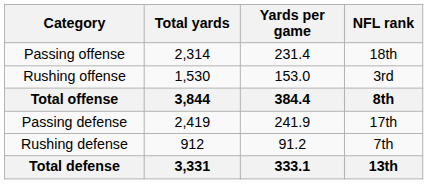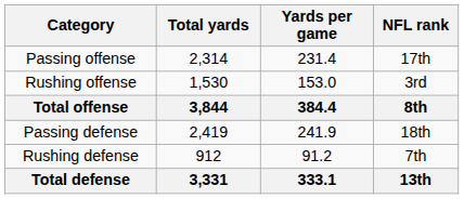 <table class="wikitable" style="text-align:center">
 <tr>
 <th width="150">Category</th>
 <th width="100">Total yards</th>
 <th width="110">Yards per game</th>
 <th width="80">NFL rank<br></th>
 </tr>
 <tr>
 <td>Passing offense</td>
 <td>2,314</td>
 <td>231.4</td>
-<td>18th</td>
+<td>17th</td>
 </tr>
 <tr>
 <td>Rushing offense</td>
 <td>1,530</td>
 <td>153.0</td>
 <td>3rd</td>
 </tr>
 <tr>
 <th>Total offense</th>
 <th>3,844</th>
 <th>384.4</th>
 <th>8th</th>
 </tr>
 <tr>
 <td>Passing defense</td>
 <td>2,419</td>
 <td>241.9</td>
-<td>17th</td>
+<td>18th</td>
 </tr>
 <tr>
 <td>Rushing defense</td>
 <td>912</td>
 <td>91.2</td>
 <td>7th</td>
 </tr>
 <tr>
 <th>Total defense</th>
 <th>3,331</th>
 <th>333.1</th>
 <th>13th</th>
 </tr>
 </table>
